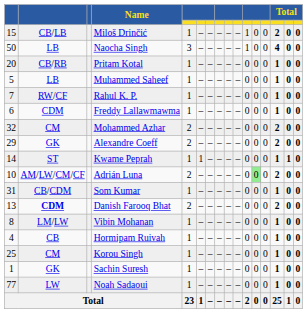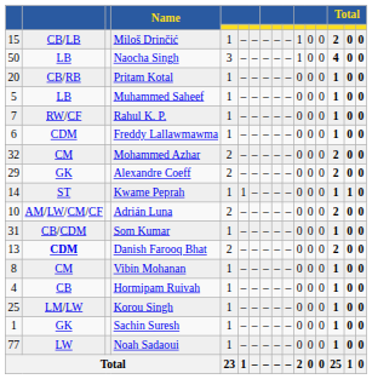 <table class="wikitable sortable" style="font-size: 95%; text-align: center;">
 <tr>
 <th rowspan=2 style="background:#2A5AA1; color:#FADF20;"></th>
 <th rowspan=2 style="background:#2A5AA1; color:#FADF20;"></th>
 <th rowspan=2 style="background:#2A5AA1; color:#FADF20;"></th>
 <th rowspan=2 style="background:#2A5AA1; color:#FADF20;">Name</th>
 <th colspan=3 style="background:#2A5AA1; color:#FADF20;"></th>
 <th colspan=3 style="background:#2A5AA1; color:#FADF20;"></th>
 <th colspan=3 style="background:#2A5AA1; color:#FADF20;"></th>
 <th colspan=3 style="background:#2A5AA1; color:#FADF20;">Total</th>
 </tr>
 <tr>
 <th style="background:#FADF20; color:#2A5AA1;"></th>
 <th style="background:#FADF20; color:#2A5AA1;"></th>
 <th style="background:#FADF20; color:#2A5AA1;"></th>
 <th style="background:#FADF20; color:#2A5AA1;"></th>
 <th style="background:#FADF20; color:#2A5AA1;"></th>
 <th style="background:#FADF20; color:#2A5AA1;"></th>
 <th style="background:#FADF20; color:#2A5AA1;"></th>
 <th style="background:#FADF20; color:#2A5AA1;"></th>
 <th style="background:#FADF20; color:#2A5AA1;"></th>
 <th style="background:#FADF20; color:#2A5AA1;"></th>
 <th style="background:#FADF20; color:#2A5AA1;"></th>
 <th style="background:#FADF20; color:#2A5AA1;"></th>
 </tr>
 <tr bgcolor="#EFEFEF">
 <td>15</td>
 <td><a href='#'>CB</a>/<a href='#'>LB</a></td>
 <td></td>
 <td style="text-align:left;"><a href='#'>Miloš Drinčić</a></td>
 <td>1</td>
 <td>–</td>
 <td>–</td>
 <td>–</td>
 <td>–</td>
 <td>–</td>
 <td>1</td>
 <td>0</td>
 <td>0</td>
 <td><strong>2</strong></td>
 <td><strong>0</strong></td>
 <td><strong>0</strong></td>
 </tr>
 <tr>
 <td>50</td>
 <td><a href='#'>LB</a></td>
 <td></td>
 <td style="text-align:left;"><a href='#'>Naocha Singh</a></td>
 <td>3</td>
 <td>–</td>
 <td>–</td>
 <td>–</td>
 <td>–</td>
 <td>–</td>
 <td>1</td>
 <td>0</td>
 <td>0</td>
 <td><strong>4</strong></td>
 <td><strong>0</strong></td>
 <td><strong>0</strong></td>
 </tr>
 <tr bgcolor="#EFEFEF">
 <td>20</td>
 <td><a href='#'>CB</a>/<a href='#'>RB</a></td>
 <td></td>
 <td style="text-align:left;"><a href='#'>Pritam Kotal</a></td>
 <td>1</td>
 <td>–</td>
 <td>–</td>
 <td>–</td>
 <td>–</td>
 <td>–</td>
 <td>0</td>
 <td>0</td>
 <td>0</td>
 <td><strong>1</strong></td>
 <td><strong>0</strong></td>
 <td><strong>0</strong></td>
 </tr>
 <tr>
 <td>5</td>
 <td><a href='#'>LB</a></td>
 <td></td>
 <td style="text-align:left;"><a href='#'>Muhammed Saheef</a></td>
 <td>1</td>
 <td>–</td>
 <td>–</td>
 <td>–</td>
 <td>–</td>
 <td>–</td>
 <td>0</td>
 <td>0</td>
 <td>0</td>
 <td><strong>1</strong></td>
 <td><strong>0</strong></td>
 <td><strong>0</strong></td>
 </tr>
 <tr bgcolor="#EFEFEF">
 <td>7</td>
 <td><a href='#'>RW</a>/<a href='#'>CF</a></td>
 <td></td>
 <td style="text-align:left;"><a href='#'>Rahul K. P.</a></td>
 <td>1</td>
 <td>–</td>
 <td>–</td>
 <td>–</td>
 <td>–</td>
 <td>–</td>
 <td>0</td>
 <td>0</td>
 <td>0</td>
 <td><strong>1</strong></td>
 <td><strong>0</strong></td>
 <td><strong>0</strong></td>
 </tr>
 <tr>
 <td>6</td>
 <td><a href='#'>CDM</a></td>
 <td></td>
 <td style="text-align:left;"><a href='#'>Freddy Lallawmawma</a></td>
 <td>1</td>
 <td>–</td>
 <td>–</td>
 <td>–</td>
 <td>–</td>
 <td>–</td>
 <td>0</td>
 <td>0</td>
 <td>0</td>
 <td><strong>1</strong></td>
 <td><strong>0</strong></td>
 <td><strong>0</strong></td>
 </tr>
 <tr bgcolor="#EFEFEF">
 <td>32</td>
 <td><a href='#'>CM</a></td>
 <td></td>
 <td style="text-align:left;"><a href='#'>Mohammed Azhar</a></td>
 <td>2</td>
 <td>–</td>
 <td>–</td>
 <td>–</td>
 <td>–</td>
 <td>–</td>
 <td>0</td>
 <td>0</td>
 <td>0</td>
 <td><strong>2</strong></td>
 <td><strong>0</strong></td>
 <td><strong>0</strong></td>
 </tr>
 <tr>
 <td>29</td>
 <td><a href='#'>GK</a></td>
 <td></td>
 <td style="text-align:left;"><a href='#'>Alexandre Coeff</a></td>
 <td>2</td>
 <td>–</td>
 <td>–</td>
 <td>–</td>
 <td>–</td>
 <td>–</td>
 <td>0</td>
 <td>0</td>
 <td>0</td>
 <td><strong>2</strong></td>
 <td><strong>0</strong></td>
 <td><strong>0</strong></td>
 </tr>
 <tr bgcolor="#EFEFEF">
 <td>14</td>
 <td><a href='#'>ST</a></td>
 <td></td>
 <td style="text-align:left;"><a href='#'>Kwame Peprah</a></td>
 <td>1</td>
 <td>1</td>
 <td>–</td>
 <td>–</td>
 <td>–</td>
 <td>–</td>
 <td>0</td>
 <td>0</td>
 <td>0</td>
 <td><strong>1</strong></td>
 <td><strong>1</strong></td>
 <td><strong>0</strong></td>
 </tr>
 <tr>
 <td>10</td>
 <td><a href='#'>AM</a>/<a href='#'>LW</a>/<a href='#'>CM</a>/<a href='#'>CF</a></td>
 <td></td>
 <td style="text-align:left;"><a href='#'>Adrián Luna</a></td>
 <td>2</td>
 <td>–</td>
 <td>–</td>
 <td>–</td>
 <td>–</td>
 <td>–</td>
 <td>0</td>
-<td style="background: lightgreen;">0</td>
+<td>0</td>
 <td>0</td>
 <td><strong>2</strong></td>
 <td><strong>0</strong></td>
 <td><strong>0</strong></td>
 </tr>
 <tr bgcolor="#EFEFEF">
 <td>31</td>
 <td><a href='#'>CB</a>/<a href='#'>CDM</a></td>
 <td></td>
 <td style="text-align:left;"><a href='#'>Som Kumar</a></td>
 <td>1</td>
 <td>–</td>
 <td>–</td>
 <td>–</td>
 <td>–</td>
 <td>–</td>
 <td>0</td>
 <td>0</td>
 <td>0</td>
 <td><strong>1</strong></td>
 <td><strong>0</strong></td>
 <td><strong>0</strong></td>
 </tr>
 <tr>
 <td>13</td>
 <td><strong><a href='#'>CDM</a></strong></td>
 <td></td>
 <td style="text-align:left;"><a href='#'>Danish Farooq Bhat</a></td>
 <td>2</td>
 <td>–</td>
 <td>–</td>
 <td>–</td>
 <td>–</td>
 <td>–</td>
 <td>0</td>
 <td>0</td>
 <td>0</td>
 <td><strong>2</strong></td>
 <td><strong>0</strong></td>
 <td><strong>0</strong></td>
 </tr>
 <tr bgcolor="#EFEFEF">
 <td>8</td>
-<td><a href='#'>LM</a>/<a href='#'>LW</a></td>
+<td><a href='#'>CM</a></td>
 <td></td>
 <td style="text-align:left;"><a href='#'>Vibin Mohanan</a></td>
 <td>1</td>
 <td>–</td>
 <td>–</td>
 <td>–</td>
 <td>–</td>
 <td>–</td>
 <td>0</td>
 <td>0</td>
 <td>0</td>
 <td><strong>1</strong></td>
 <td><strong>0</strong></td>
 <td><strong>0</strong></td>
 </tr>
 <tr>
 <td>4</td>
 <td><a href='#'>CB</a></td>
 <td></td>
 <td style="text-align:left;"><a href='#'>Hormipam Ruivah</a></td>
 <td>1</td>
 <td>–</td>
 <td>–</td>
 <td>–</td>
 <td>–</td>
 <td>–</td>
 <td>0</td>
 <td>0</td>
 <td>0</td>
 <td><strong>1</strong></td>
 <td><strong>0</strong></td>
 <td><strong>0</strong></td>
 </tr>
 <tr bgcolor="#EFEFEF">
 <td>25</td>
-<td><a href='#'>CM</a></td>
+<td><a href='#'>LM</a>/<a href='#'>LW</a></td>
 <td></td>
 <td style="text-align:left;"><a href='#'>Korou Singh</a></td>
 <td>1</td>
 <td>–</td>
 <td>–</td>
 <td>–</td>
 <td>–</td>
 <td>–</td>
 <td>0</td>
 <td>0</td>
 <td>0</td>
 <td><strong>1</strong></td>
 <td><strong>0</strong></td>
 <td><strong>0</strong></td>
 </tr>
 <tr>
 <td>1</td>
 <td><a href='#'>GK</a></td>
 <td></td>
 <td style="text-align:left;"><a href='#'>Sachin Suresh</a></td>
 <td>1</td>
 <td>–</td>
 <td>–</td>
 <td>–</td>
 <td>–</td>
 <td>–</td>
 <td>0</td>
 <td>0</td>
 <td>0</td>
 <td><strong>1</strong></td>
 <td><strong>0</strong></td>
 <td><strong>0</strong></td>
 </tr>
 <tr bgcolor="#EFEFEF">
 <td>77</td>
 <td><a href='#'>LW</a></td>
 <td></td>
 <td style="text-align:left;"><a href='#'>Noah Sadaoui</a></td>
 <td>1</td>
 <td>–</td>
 <td>–</td>
 <td>–</td>
 <td>–</td>
 <td>–</td>
 <td>0</td>
 <td>0</td>
 <td>0</td>
 <td><strong>1</strong></td>
 <td><strong>0</strong></td>
 <td><strong>0</strong></td>
 </tr>
 <tr>
 <th colspan="4">Total</th>
 <th>23</th>
 <th>1</th>
 <th>–</th>
 <th>–</th>
 <th>–</th>
 <th>–</th>
 <th>2</th>
 <th>0</th>
 <th>0</th>
 <th>25</th>
 <th>1</th>
 <th>0</th>
 </tr>
 </table>
